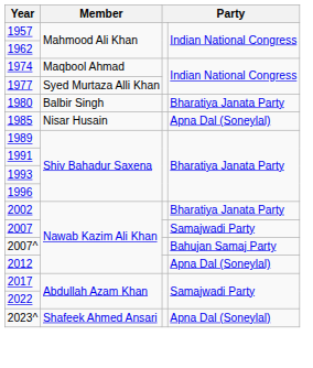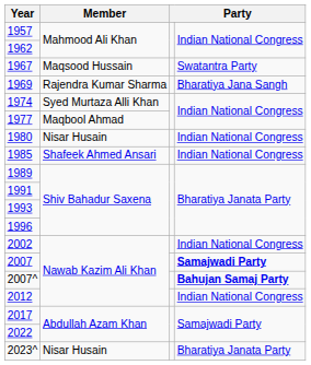 <table class="wikitable">
 <tr>
 <th>Year</th>
 <th>Member</th>
 <th colspan="2">Party</th>
 </tr>
 <tr>
 <td><a href='#'>1957</a></td>
 <td rowspan="2">Mahmood Ali Khan</td>
 <td rowspan="2" style="background-color: "></td>
 <td rowspan="2"><a href='#'>Indian National Congress</a></td>
 </tr>
 <tr>
 <td><a href='#'>1962</a></td>
 </tr>
 <tr>
+<td><a href='#'>1967</a></td>
+<td>Maqsood Hussain</td>
+<td style="background-color: "></td>
+<td><a href='#'>Swatantra Party</a></td>
+</tr>
+<tr>
+<td><a href='#'>1969</a></td>
+<td>Rajendra Kumar Sharma</td>
+<td style="background-color: "></td>
+<td><a href='#'>Bharatiya Jana Sangh</a></td>
+</tr>
+<tr>
 <td><a href='#'>1974</a></td>
-<td>Maqbool Ahmad</td>
+<td>Syed Murtaza Alli Khan</td>
 <td rowspan="2" style="background-color: "></td>
 <td rowspan="2"><a href='#'>Indian National Congress</a></td>
 </tr>
 <tr>
 <td><a href='#'>1977</a></td>
-<td>Syed Murtaza Alli Khan</td>
+<td>Maqbool Ahmad</td>
 </tr>
 <tr>
 <td><a href='#'>1980</a></td>
-<td>Balbir Singh</td>
+<td>Nisar Husain</td>
 <td style="background-color: "></td>
-<td><a href='#'>Bharatiya Janata Party</a></td>
+<td><a href='#'>Indian National Congress</a></td>
 </tr>
 <tr>
 <td><a href='#'>1985</a></td>
-<td>Nisar Husain</td>
+<td><a href='#'>Shafeek Ahmed Ansari</a></td>
 <td style="background-color: "></td>
-<td><a href='#'>Apna Dal (Soneylal)</a></td>
+<td><a href='#'>Indian National Congress</a></td>
 </tr>
 <tr>
 <td><a href='#'>1989</a></td>
 <td rowspan="4"><a href='#'>Shiv Bahadur Saxena</a></td>
 <td rowspan="4" style="background-color: "></td>
 <td rowspan="4"><a href='#'>Bharatiya Janata Party</a></td>
 </tr>
 <tr>
 <td><a href='#'>1991</a></td>
 </tr>
 <tr>
 <td><a href='#'>1993</a></td>
 </tr>
 <tr>
 <td><a href='#'>1996</a></td>
 </tr>
 <tr>
 <td><a href='#'>2002</a></td>
 <td rowspan="4"><a href='#'>Nawab Kazim Ali Khan</a></td>
 <td style="background-color: "></td>
-<td><a href='#'>Bharatiya Janata Party</a></td>
+<td><a href='#'>Indian National Congress</a></td>
 </tr>
 <tr>
 <td><a href='#'>2007</a></td>
 <td style="background-color: "></td>
-<td><a href='#'>Samajwadi Party</a></td>
+<td><strong><a href='#'>Samajwadi Party</a></strong></td>
 </tr>
 <tr>
 <td>2007^</td>
 <td style="background-color: "></td>
-<td><a href='#'>Bahujan Samaj Party</a></td>
+<td><strong><a href='#'>Bahujan Samaj Party</a></strong></td>
 </tr>
 <tr>
 <td><a href='#'>2012</a></td>
 <td style="background-color: "></td>
-<td><a href='#'>Apna Dal (Soneylal)</a></td>
+<td><a href='#'>Indian National Congress</a></td>
 </tr>
 <tr>
 <td><a href='#'>2017</a></td>
 <td rowspan="2"><a href='#'>Abdullah Azam Khan</a></td>
 <td rowspan="2" style="background-color: "></td>
 <td rowspan="2"><a href='#'>Samajwadi Party</a></td>
 </tr>
 <tr>
 <td><a href='#'>2022</a></td>
 </tr>
 <tr>
 <td>2023^</td>
-<td><a href='#'>Shafeek Ahmed Ansari</a></td>
+<td>Nisar Husain</td>
 <td style="background-color: "></td>
-<td><a href='#'>Apna Dal (Soneylal)</a></td>
+<td><a href='#'>Bharatiya Janata Party</a></td>
 </tr>
 </table>
